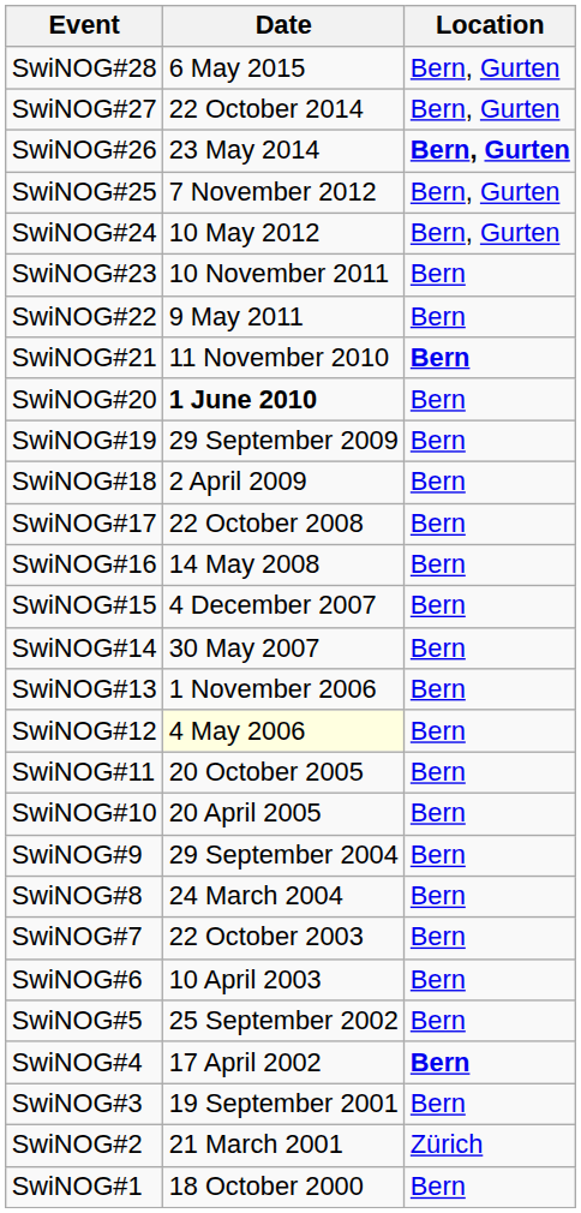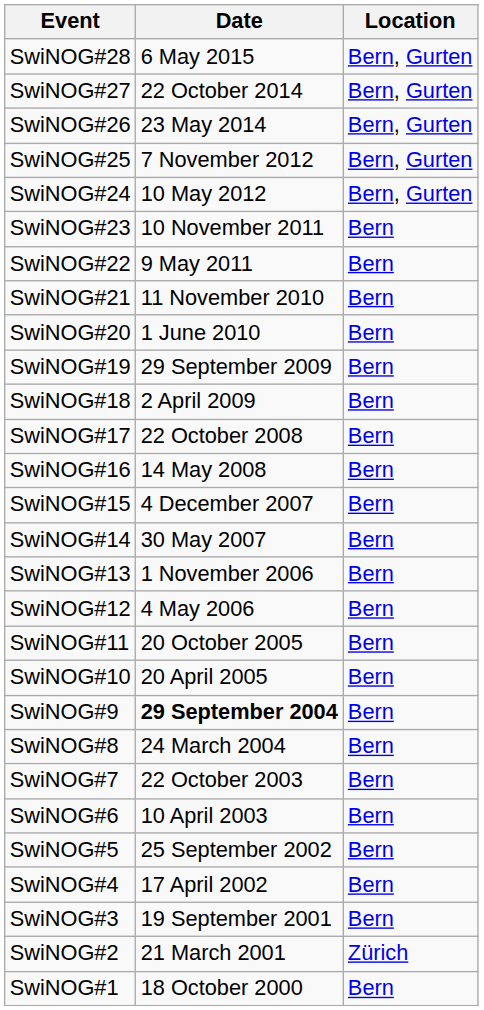 <table class="sortable wikitable">
 <tr>
 <th>Event</th>
 <th>Date</th>
 <th>Location</th>
 </tr>
 <tr>
 <td>SwiNOG#28</td>
 <td>6 May 2015</td>
 <td><a href='#'>Bern</a>, <a href='#'>Gurten</a></td>
 </tr>
 <tr>
 <td>SwiNOG#27</td>
 <td>22 October 2014</td>
 <td><a href='#'>Bern</a>, <a href='#'>Gurten</a></td>
 </tr>
 <tr>
 <td>SwiNOG#26</td>
 <td>23 May 2014</td>
-<td><strong><a href='#'>Bern</a>, <a href='#'>Gurten</a></strong></td>
+<td><a href='#'>Bern</a>, <a href='#'>Gurten</a></td>
 </tr>
 <tr>
 <td>SwiNOG#25</td>
 <td>7 November 2012</td>
 <td><a href='#'>Bern</a>, <a href='#'>Gurten</a></td>
 </tr>
 <tr>
 <td>SwiNOG#24</td>
 <td>10 May 2012</td>
 <td><a href='#'>Bern</a>, <a href='#'>Gurten</a></td>
 </tr>
 <tr>
 <td>SwiNOG#23</td>
 <td>10 November 2011</td>
 <td><a href='#'>Bern</a></td>
 </tr>
 <tr>
 <td>SwiNOG#22</td>
 <td>9 May 2011</td>
 <td><a href='#'>Bern</a></td>
 </tr>
 <tr>
 <td>SwiNOG#21</td>
 <td>11 November 2010</td>
-<td><strong><a href='#'>Bern</a></strong></td>
+<td><a href='#'>Bern</a></td>
 </tr>
 <tr>
 <td>SwiNOG#20</td>
-<td><strong>1 June 2010</strong></td>
+<td>1 June 2010</td>
 <td><a href='#'>Bern</a></td>
 </tr>
 <tr>
 <td>SwiNOG#19</td>
 <td>29 September 2009</td>
 <td><a href='#'>Bern</a></td>
 </tr>
 <tr>
 <td>SwiNOG#18</td>
 <td>2 April 2009</td>
 <td><a href='#'>Bern</a></td>
 </tr>
 <tr>
 <td>SwiNOG#17</td>
 <td>22 October 2008</td>
 <td><a href='#'>Bern</a></td>
 </tr>
 <tr>
 <td>SwiNOG#16</td>
 <td>14 May 2008</td>
 <td><a href='#'>Bern</a></td>
 </tr>
 <tr>
 <td>SwiNOG#15</td>
 <td>4 December 2007</td>
 <td><a href='#'>Bern</a></td>
 </tr>
 <tr>
 <td>SwiNOG#14</td>
 <td>30 May 2007</td>
 <td><a href='#'>Bern</a></td>
 </tr>
 <tr>
 <td>SwiNOG#13</td>
 <td>1 November 2006</td>
 <td><a href='#'>Bern</a></td>
 </tr>
 <tr>
 <td>SwiNOG#12</td>
-<td style="background: lightyellow;">4 May 2006</td>
+<td>4 May 2006</td>
 <td><a href='#'>Bern</a></td>
 </tr>
 <tr>
 <td>SwiNOG#11</td>
 <td>20 October 2005</td>
 <td><a href='#'>Bern</a></td>
 </tr>
 <tr>
 <td>SwiNOG#10</td>
 <td>20 April 2005</td>
 <td><a href='#'>Bern</a></td>
 </tr>
 <tr>
 <td>SwiNOG#9</td>
-<td>29 September 2004</td>
+<td><strong>29 September 2004</strong></td>
 <td><a href='#'>Bern</a></td>
 </tr>
 <tr>
 <td>SwiNOG#8</td>
 <td>24 March 2004</td>
 <td><a href='#'>Bern</a></td>
 </tr>
 <tr>
 <td>SwiNOG#7</td>
 <td>22 October 2003</td>
 <td><a href='#'>Bern</a></td>
 </tr>
 <tr>
 <td>SwiNOG#6</td>
 <td>10 April 2003</td>
 <td><a href='#'>Bern</a></td>
 </tr>
 <tr>
 <td>SwiNOG#5</td>
 <td>25 September 2002</td>
 <td><a href='#'>Bern</a></td>
 </tr>
 <tr>
 <td>SwiNOG#4</td>
 <td>17 April 2002</td>
-<td><strong><a href='#'>Bern</a></strong></td>
+<td><a href='#'>Bern</a></td>
 </tr>
 <tr>
 <td>SwiNOG#3</td>
 <td>19 September 2001</td>
 <td><a href='#'>Bern</a></td>
 </tr>
 <tr>
 <td>SwiNOG#2</td>
 <td>21 March 2001</td>
 <td><a href='#'>Zürich</a></td>
 </tr>
 <tr>
 <td>SwiNOG#1</td>
 <td>18 October 2000</td>
 <td><a href='#'>Bern</a></td>
 </tr>
 <tr>
 </tr>
 </table>
